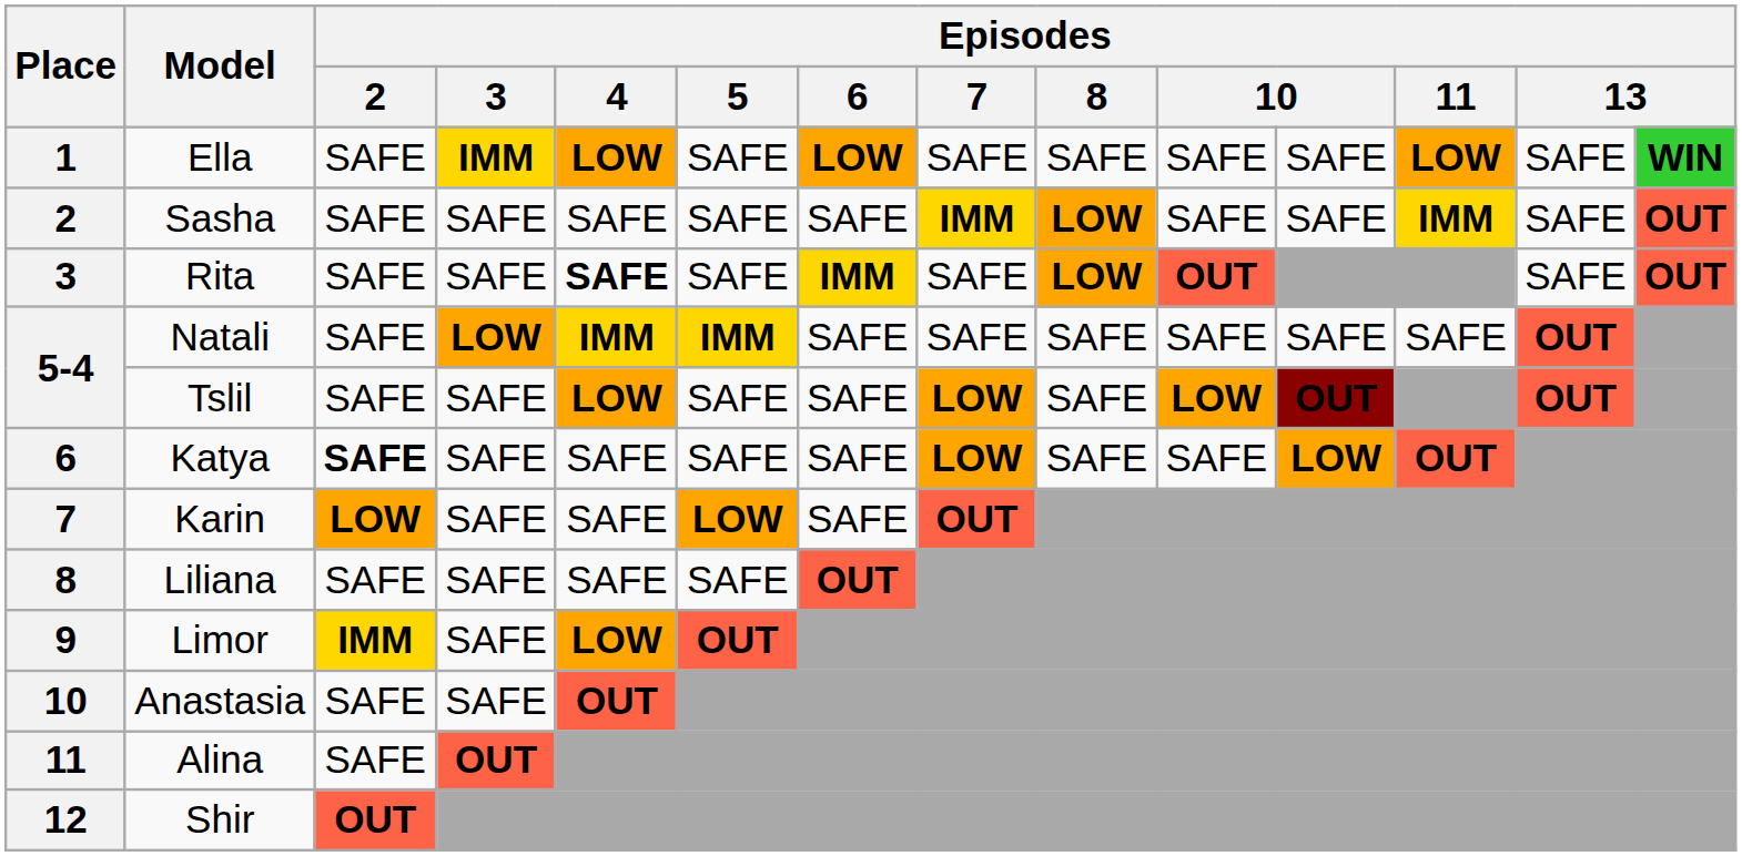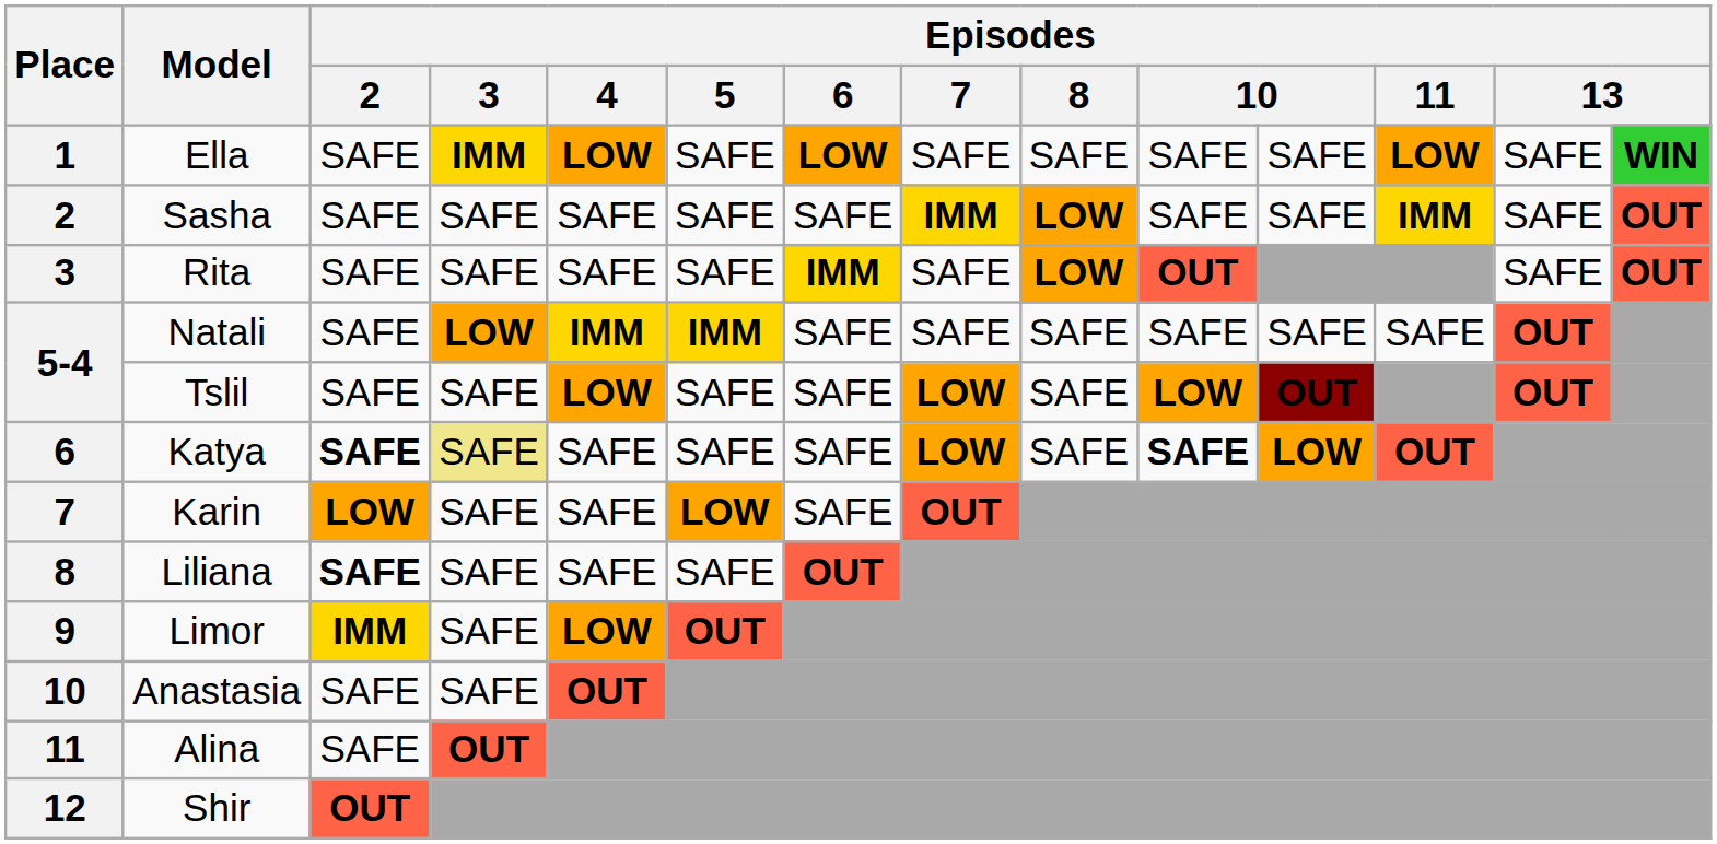 <table class="wikitable" style="text-align:center; font-size:92%">
 <tr>
 <th rowspan="2">Place</th>
 <th rowspan="2">Model</th>
 <th colspan="20">Episodes</th>
 </tr>
 <tr>
 <th>2</th>
 <th>3</th>
 <th>4</th>
 <th>5</th>
 <th>6</th>
 <th>7</th>
 <th>8</th>
 <th colspan="2">10</th>
 <th>11</th>
 <th colspan="2">13</th>
 </tr>
 <tr>
 <th>1</th>
 <td>Ella</td>
 <td>SAFE</td>
 <td style="background:gold;"><strong>IMM</strong></td>
 <td style="background:orange;"><strong>LOW</strong></td>
 <td>SAFE</td>
 <td style="background:orange;"><strong>LOW</strong></td>
 <td>SAFE</td>
 <td>SAFE</td>
 <td>SAFE</td>
 <td>SAFE</td>
 <td style="background:orange;"><strong>LOW</strong></td>
 <td>SAFE</td>
 <td style="background:limegreen;"><strong>WIN</strong></td>
 </tr>
 <tr>
 <th>2</th>
 <td>Sasha</td>
 <td>SAFE</td>
 <td>SAFE</td>
 <td>SAFE</td>
 <td>SAFE</td>
 <td>SAFE</td>
 <td style="background:gold;"><strong>IMM</strong></td>
 <td style="background:orange;"><strong>LOW</strong></td>
 <td>SAFE</td>
 <td>SAFE</td>
 <td style="background:gold;"><strong>IMM</strong></td>
 <td>SAFE</td>
 <td style="background:tomato;"><strong>OUT</strong></td>
 </tr>
 <tr>
 <th>3</th>
 <td>Rita</td>
 <td>SAFE</td>
 <td>SAFE</td>
-<td><strong>SAFE</strong></td>
+<td>SAFE</td>
 <td>SAFE</td>
 <td style="background:gold;"><strong>IMM</strong></td>
 <td>SAFE</td>
 <td style="background:orange;"><strong>LOW</strong></td>
 <td style="background:tomato;"><strong>OUT</strong></td>
 <td colspan="2" style="background:darkgrey"></td>
 <td>SAFE</td>
 <td style="background:tomato;"><strong>OUT</strong></td>
 </tr>
 <tr>
 <th rowspan=2>5-4</th>
 <td>Natali</td>
 <td>SAFE</td>
 <td style="background:orange;"><strong>LOW</strong></td>
 <td style="background:gold;"><strong>IMM</strong></td>
 <td style="background:gold;"><strong>IMM</strong></td>
 <td>SAFE</td>
 <td>SAFE</td>
 <td>SAFE</td>
 <td>SAFE</td>
 <td>SAFE</td>
 <td>SAFE</td>
 <td style="background:tomato;"><strong>OUT</strong></td>
 <td colspan="2" style="background:darkgrey"></td>
 </tr>
 <tr>
 <td>Tslil</td>
 <td>SAFE</td>
 <td>SAFE</td>
 <td style="background:orange;"><strong>LOW</strong></td>
 <td>SAFE</td>
 <td>SAFE</td>
 <td style="background:orange;"><strong>LOW</strong></td>
 <td>SAFE</td>
 <td style="background:orange;"><strong>LOW</strong></td>
 <td style="background:darkred;"><span><strong>OUT</strong></span></td>
 <td style="background:darkgrey"></td>
 <td style="background:tomato;"><strong>OUT</strong></td>
 <td colspan="2" style="background:darkgrey"></td>
 </tr>
 <tr>
 <th>6</th>
 <td>Katya</td>
 <td><strong>SAFE</strong></td>
-<td>SAFE</td>
+<td style="background: khaki;">SAFE</td>
 <td>SAFE</td>
 <td>SAFE</td>
 <td>SAFE</td>
 <td style="background:orange;"><strong>LOW</strong></td>
 <td>SAFE</td>
-<td>SAFE</td>
+<td><strong>SAFE</strong></td>
 <td style="background:orange;"><strong>LOW</strong></td>
 <td style="background:tomato;"><strong>OUT</strong></td>
 <td colspan="25" style="background:darkgrey"></td>
 </tr>
 <tr>
 <th>7</th>
 <td>Karin</td>
 <td style="background:orange;"><strong>LOW</strong></td>
 <td>SAFE</td>
 <td>SAFE</td>
 <td style="background:orange;"><strong>LOW</strong></td>
 <td>SAFE</td>
 <td style="background:tomato;"><strong>OUT</strong></td>
 <td colspan="25" style="background:darkgrey"></td>
 </tr>
 <tr>
 <th>8</th>
 <td>Liliana</td>
-<td>SAFE</td>
+<td><strong>SAFE</strong></td>
 <td>SAFE</td>
 <td>SAFE</td>
 <td>SAFE</td>
 <td style="background:tomato;"><strong>OUT</strong></td>
 <td colspan="25" style="background:darkgrey"></td>
 </tr>
 <tr>
 <th>9</th>
 <td>Limor</td>
 <td style="background:gold;"><strong>IMM</strong></td>
 <td>SAFE</td>
 <td style="background:orange;"><strong>LOW</strong></td>
 <td style="background:tomato;"><strong>OUT</strong></td>
 <td colspan="25" style="background:darkgrey"></td>
 </tr>
 <tr>
 <th>10</th>
 <td>Anastasia</td>
 <td>SAFE</td>
 <td>SAFE</td>
 <td style="background:tomato;"><strong>OUT</strong></td>
 <td colspan="25" style="background:darkgrey"></td>
 </tr>
 <tr>
 <th>11</th>
 <td>Alina</td>
 <td>SAFE</td>
 <td style="background:tomato;"><strong>OUT</strong></td>
 <td colspan="25" style="background:darkgrey"></td>
 </tr>
 <tr>
 <th>12</th>
 <td>Shir</td>
 <td style="background:tomato;"><strong>OUT</strong></td>
 <td colspan="25" style="background:darkgrey"></td>
 </tr>
 </table>
